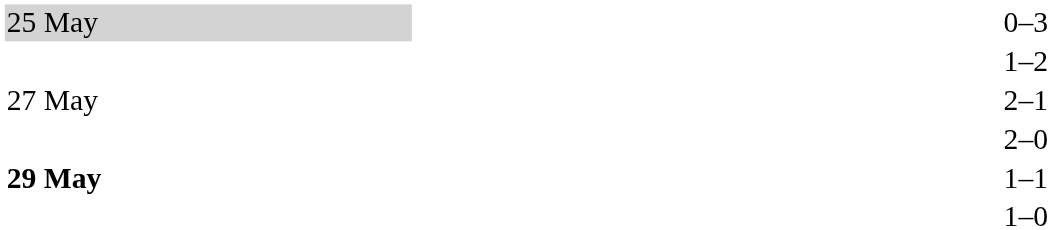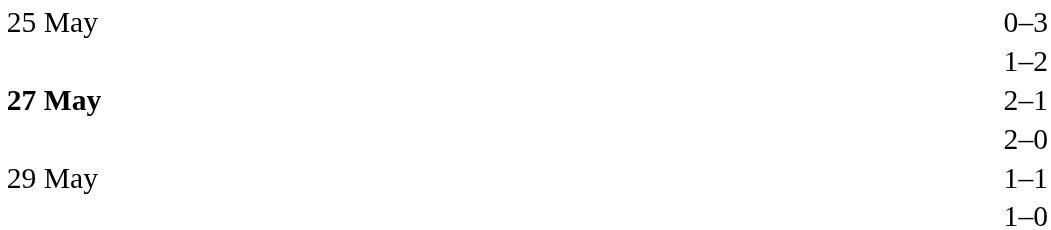 <table cellspacing=1 width=70%>
 <tr>
 <th width=25%></th>
 <th width=30%></th>
 <th width=15%></th>
 <th width=30%></th>
 </tr>
 <tr>
-<td style="background: lightgrey;">25 May</td>
+<td>25 May</td>
 <td align=right></td>
 <td align=center>0–3</td>
 <td></td>
 </tr>
 <tr>
 <td></td>
 <td align=right></td>
 <td align=center>1–2</td>
 <td></td>
 </tr>
 <tr>
-<td>27 May</td>
+<td><strong>27 May</strong></td>
 <td align=right></td>
 <td align=center>2–1</td>
 <td></td>
 </tr>
 <tr>
 <td></td>
 <td align=right></td>
 <td align=center>2–0</td>
 <td></td>
 </tr>
 <tr>
-<td><strong>29 May</strong></td>
+<td>29 May</td>
 <td align=right></td>
 <td align=center>1–1</td>
 <td></td>
 </tr>
 <tr>
 <td></td>
 <td align=right></td>
 <td align=center>1–0</td>
 <td></td>
 </tr>
 </table>
